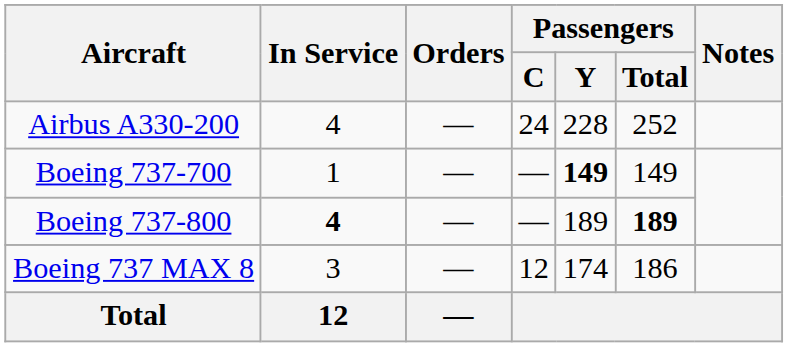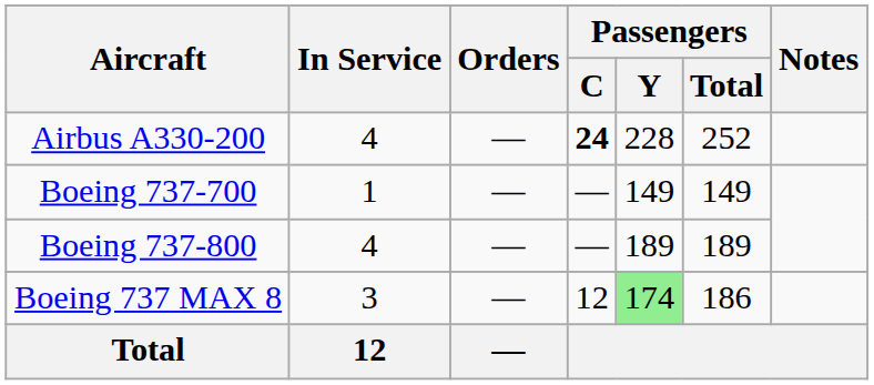 <table class="wikitable" style="border-collapse:collapse;text-align:center; margin-left: auto; margin-right: auto; margin: auto;">
 <tr>
 <th rowspan="2">Aircraft</th>
 <th rowspan="2">In Service</th>
 <th rowspan="2">Orders</th>
 <th colspan="3">Passengers</th>
 <th rowspan="2">Notes</th>
 </tr>
 <tr>
 <th><abbr>C</abbr></th>
 <th><abbr>Y</abbr></th>
 <th>Total</th>
 </tr>
 <tr>
 <td><a href='#'>Airbus A330-200</a></td>
 <td>4</td>
 <td>—</td>
-<td>24</td>
+<td><strong>24</strong></td>
 <td>228</td>
 <td>252</td>
 <td></td>
 </tr>
 <tr>
 <td><a href='#'>Boeing 737-700</a></td>
 <td>1</td>
 <td>—</td>
 <td>—</td>
-<td><strong>149</strong></td>
+<td>149</td>
 <td>149</td>
 <td rowspan="2"></td>
 </tr>
 <tr>
 <td><a href='#'>Boeing 737-800</a></td>
-<td><strong>4</strong></td>
+<td>4</td>
 <td>—</td>
 <td>—</td>
 <td>189</td>
-<td><strong>189</strong></td>
+<td>189</td>
 </tr>
 <tr>
 <td><a href='#'>Boeing 737 MAX 8</a></td>
 <td>3</td>
 <td>—</td>
 <td>12</td>
-<td>174</td>
+<td style="background: lightgreen;">174</td>
 <td>186</td>
 <td></td>
 </tr>
 <tr>
 <th>Total</th>
 <th>12</th>
 <th>—</th>
 <th colspan="4"></th>
 </tr>
 </table>
